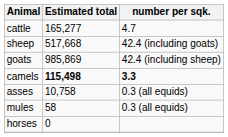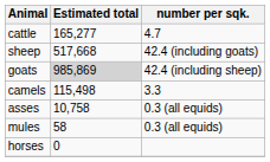 <table align="center" class="wikitable">
 <tr>
 <th>Animal</th>
 <th>Estimated total</th>
 <th>number per sqk.</th>
 </tr>
 <tr>
 <td>cattle</td>
 <td>165,277</td>
 <td>4.7</td>
 </tr>
 <tr>
 <td>sheep</td>
 <td>517,668</td>
 <td>42.4 (including goats)</td>
 </tr>
 <tr>
 <td>goats</td>
-<td>985,869</td>
+<td style="background: lightgrey;">985,869</td>
 <td>42.4 (including sheep)</td>
 </tr>
 <tr>
 <td>camels</td>
-<td><strong>115,498</strong></td>
-<td><strong>3.3</strong></td>
+<td>115,498</td>
+<td>3.3</td>
 </tr>
 <tr>
 <td>asses</td>
 <td>10,758</td>
 <td>0.3 (all equids)</td>
 </tr>
 <tr>
 <td>mules</td>
 <td>58</td>
 <td>0.3 (all equids)</td>
 </tr>
 <tr>
 <td>horses</td>
 <td>0</td>
 <td></td>
 </tr>
 <tr>
 </tr>
 </table>
